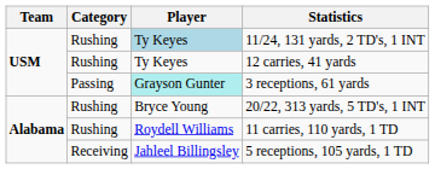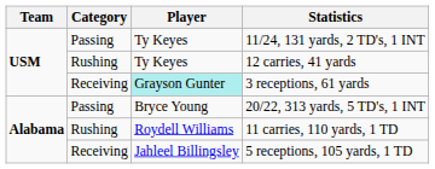 <table class="wikitable" style="float: right;">
 <tr>
 <th>Team</th>
 <th>Category</th>
 <th>Player</th>
 <th>Statistics</th>
 </tr>
 <tr>
 <td rowspan=3><strong>USM</strong></td>
-<td>Rushing</td>
-<td style="background: lightblue;">Ty Keyes</td>
+<td>Passing</td>
+<td>Ty Keyes</td>
 <td>11/24, 131 yards, 2 TD's, 1 INT</td>
 </tr>
 <tr>
 <td>Rushing</td>
 <td>Ty Keyes</td>
 <td>12 carries, 41 yards</td>
 </tr>
 <tr>
-<td>Passing</td>
+<td>Receiving</td>
 <td style="background: paleturquoise;">Grayson Gunter</td>
 <td>3 receptions, 61 yards</td>
 </tr>
 <tr>
 <td rowspan=3><strong>Alabama</strong></td>
-<td>Rushing</td>
+<td>Passing</td>
 <td>Bryce Young</td>
 <td>20/22, 313 yards, 5 TD's, 1 INT</td>
 </tr>
 <tr>
 <td>Rushing</td>
 <td><a href='#'>Roydell Williams</a></td>
 <td>11 carries, 110 yards, 1 TD</td>
 </tr>
 <tr>
 <td>Receiving</td>
 <td><a href='#'>Jahleel Billingsley</a></td>
 <td>5 receptions, 105 yards, 1 TD</td>
 </tr>
 </table>
